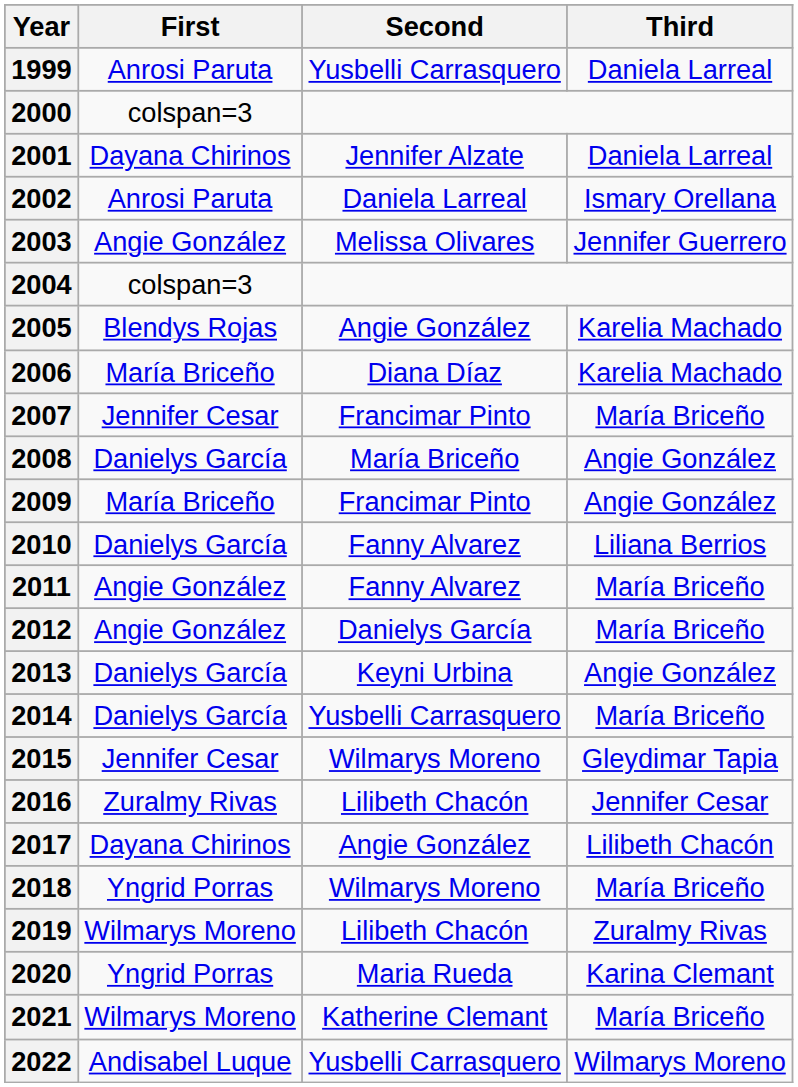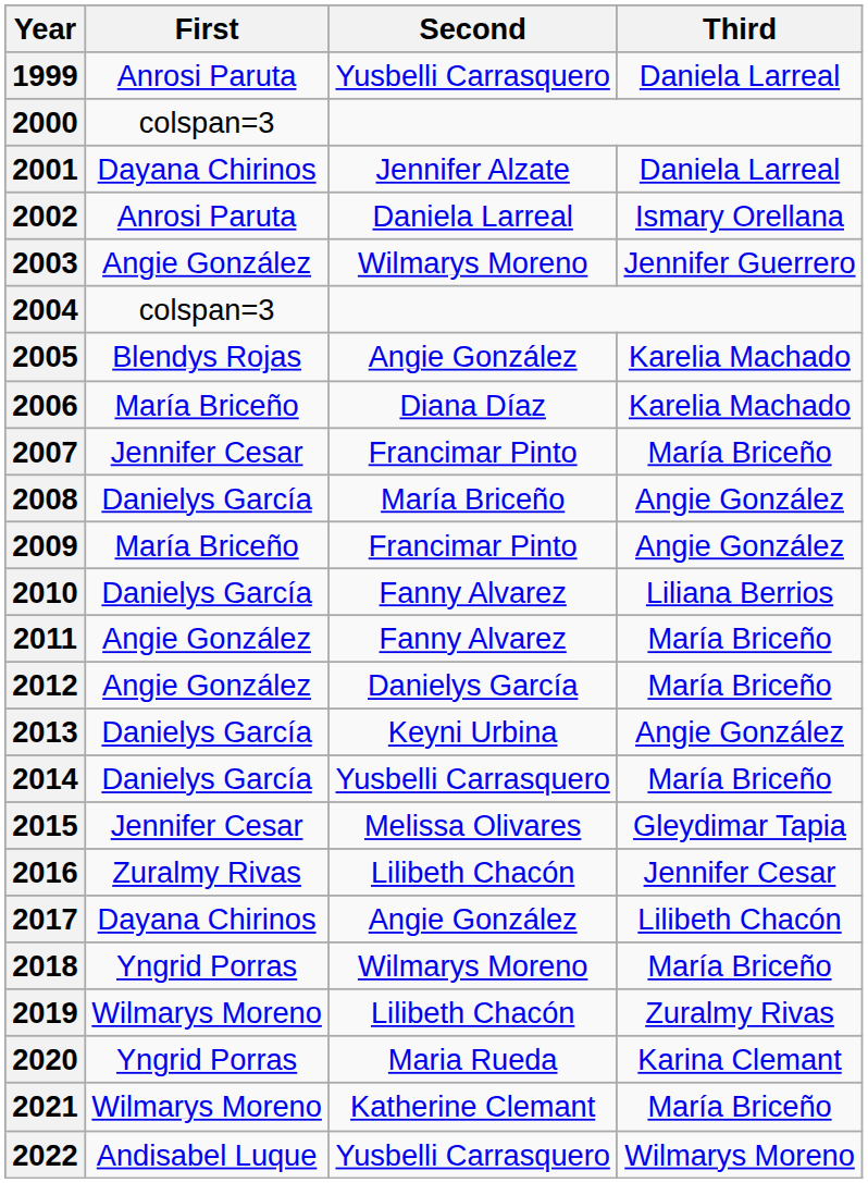 <table class="wikitable" style="text-align:center; font-size:95%;">
 <tr>
 <th>Year</th>
 <th>First</th>
 <th>Second</th>
 <th>Third</th>
 </tr>
 <tr>
 <th>1999</th>
 <td><a href='#'>Anrosi Paruta</a></td>
 <td><a href='#'>Yusbelli Carrasquero</a></td>
 <td><a href='#'>Daniela Larreal</a></td>
 </tr>
 <tr>
 <th>2000</th>
 <td>colspan=3 </td>
 </tr>
 <tr>
 <th>2001</th>
 <td><a href='#'>Dayana Chirinos</a></td>
 <td><a href='#'>Jennifer Alzate</a></td>
 <td><a href='#'>Daniela Larreal</a></td>
 </tr>
 <tr>
 <th>2002</th>
 <td><a href='#'>Anrosi Paruta</a></td>
 <td><a href='#'>Daniela Larreal</a></td>
 <td><a href='#'>Ismary Orellana</a></td>
 </tr>
 <tr>
 <th>2003</th>
 <td><a href='#'>Angie González</a></td>
-<td><a href='#'>Melissa Olivares</a></td>
+<td><a href='#'>Wilmarys Moreno</a></td>
 <td><a href='#'>Jennifer Guerrero</a></td>
 </tr>
 <tr>
 <th>2004</th>
 <td>colspan=3 </td>
 </tr>
 <tr>
 <th>2005</th>
 <td><a href='#'>Blendys Rojas</a></td>
 <td><a href='#'>Angie González</a></td>
 <td><a href='#'>Karelia Machado</a></td>
 </tr>
 <tr>
 <th>2006</th>
 <td><a href='#'>María Briceño</a></td>
 <td><a href='#'>Diana Díaz</a></td>
 <td><a href='#'>Karelia Machado</a></td>
 </tr>
 <tr>
 <th>2007</th>
 <td><a href='#'>Jennifer Cesar</a></td>
 <td><a href='#'>Francimar Pinto</a></td>
 <td><a href='#'>María Briceño</a></td>
 </tr>
 <tr>
 <th>2008</th>
 <td><a href='#'>Danielys García</a></td>
 <td><a href='#'>María Briceño</a></td>
 <td><a href='#'>Angie González</a></td>
 </tr>
 <tr>
 <th>2009</th>
 <td><a href='#'>María Briceño</a></td>
 <td><a href='#'>Francimar Pinto</a></td>
 <td><a href='#'>Angie González</a></td>
 </tr>
 <tr>
 <th>2010</th>
 <td><a href='#'>Danielys García</a></td>
 <td><a href='#'>Fanny Alvarez</a></td>
 <td><a href='#'>Liliana Berrios</a></td>
 </tr>
 <tr>
 <th>2011</th>
 <td><a href='#'>Angie González</a></td>
 <td><a href='#'>Fanny Alvarez</a></td>
 <td><a href='#'>María Briceño</a></td>
 </tr>
 <tr>
 <th>2012</th>
 <td><a href='#'>Angie González</a></td>
 <td><a href='#'>Danielys García</a></td>
 <td><a href='#'>María Briceño</a></td>
 </tr>
 <tr>
 <th>2013</th>
 <td><a href='#'>Danielys García</a></td>
 <td><a href='#'>Keyni Urbina</a></td>
 <td><a href='#'>Angie González</a></td>
 </tr>
 <tr>
 <th>2014</th>
 <td><a href='#'>Danielys García</a></td>
 <td><a href='#'>Yusbelli Carrasquero</a></td>
 <td><a href='#'>María Briceño</a></td>
 </tr>
 <tr>
 <th>2015</th>
 <td><a href='#'>Jennifer Cesar</a></td>
-<td><a href='#'>Wilmarys Moreno</a></td>
+<td><a href='#'>Melissa Olivares</a></td>
 <td><a href='#'>Gleydimar Tapia</a></td>
 </tr>
 <tr>
 <th>2016</th>
 <td><a href='#'>Zuralmy Rivas</a></td>
 <td><a href='#'>Lilibeth Chacón</a></td>
 <td><a href='#'>Jennifer Cesar</a></td>
 </tr>
 <tr>
 <th>2017</th>
 <td><a href='#'>Dayana Chirinos</a></td>
 <td><a href='#'>Angie González</a></td>
 <td><a href='#'>Lilibeth Chacón</a></td>
 </tr>
 <tr>
 <th>2018</th>
 <td><a href='#'>Yngrid Porras</a></td>
 <td><a href='#'>Wilmarys Moreno</a></td>
 <td><a href='#'>María Briceño</a></td>
 </tr>
 <tr>
 <th>2019</th>
 <td><a href='#'>Wilmarys Moreno</a></td>
 <td><a href='#'>Lilibeth Chacón</a></td>
 <td><a href='#'>Zuralmy Rivas</a></td>
 </tr>
 <tr>
 <th>2020</th>
 <td><a href='#'>Yngrid Porras</a></td>
 <td><a href='#'>Maria Rueda</a></td>
 <td><a href='#'>Karina Clemant</a></td>
 </tr>
 <tr>
 <th>2021</th>
 <td><a href='#'>Wilmarys Moreno</a></td>
 <td><a href='#'>Katherine Clemant</a></td>
 <td><a href='#'>María Briceño</a></td>
 </tr>
 <tr>
 <th>2022</th>
 <td><a href='#'>Andisabel Luque</a></td>
 <td><a href='#'>Yusbelli Carrasquero</a></td>
 <td><a href='#'>Wilmarys Moreno</a></td>
 </tr>
 </table>
